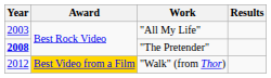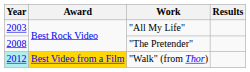 <table class="wikitable">
 <tr>
 <th>Year</th>
 <th>Award</th>
 <th>Work</th>
 <th>Results</th>
 </tr>
 <tr>
 <td><a href='#'>2003</a></td>
 <td rowspan="2"><a href='#'>Best Rock Video</a></td>
 <td>"All My Life"</td>
 <td></td>
 </tr>
 <tr>
-<td><strong><a href='#'>2008</a></strong></td>
+<td><a href='#'>2008</a></td>
 <td>"The Pretender"</td>
 <td></td>
 </tr>
 <tr>
-<td><a href='#'>2012</a></td>
+<td style="background: paleturquoise;"><a href='#'>2012</a></td>
 <td style="background: gold;"><a href='#'>Best Video from a Film</a></td>
 <td>"Walk" (from <em><a href='#'>Thor</a></em>)</td>
 <td></td>
 </tr>
 </table>
